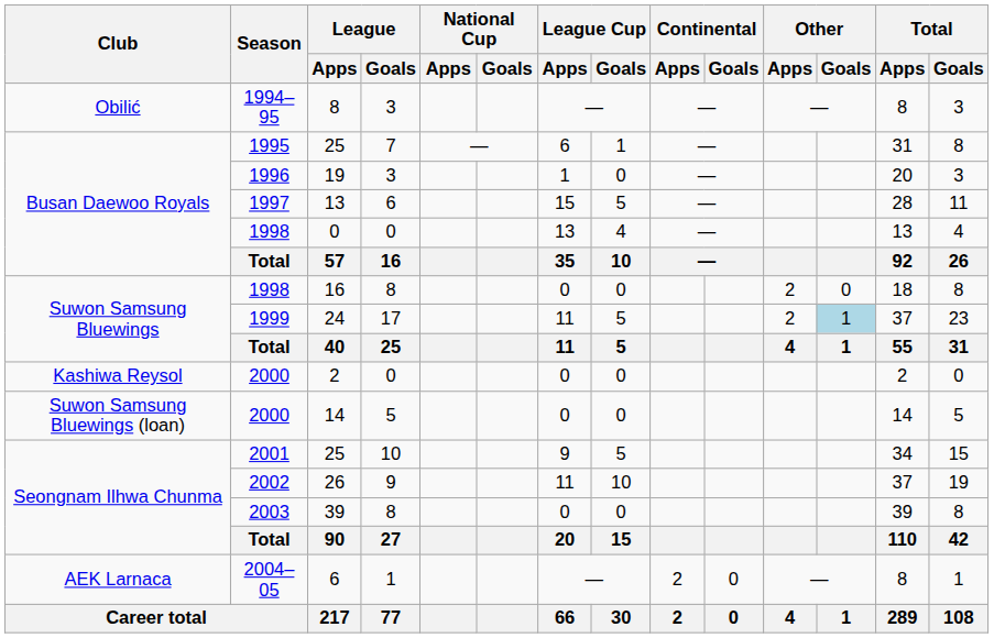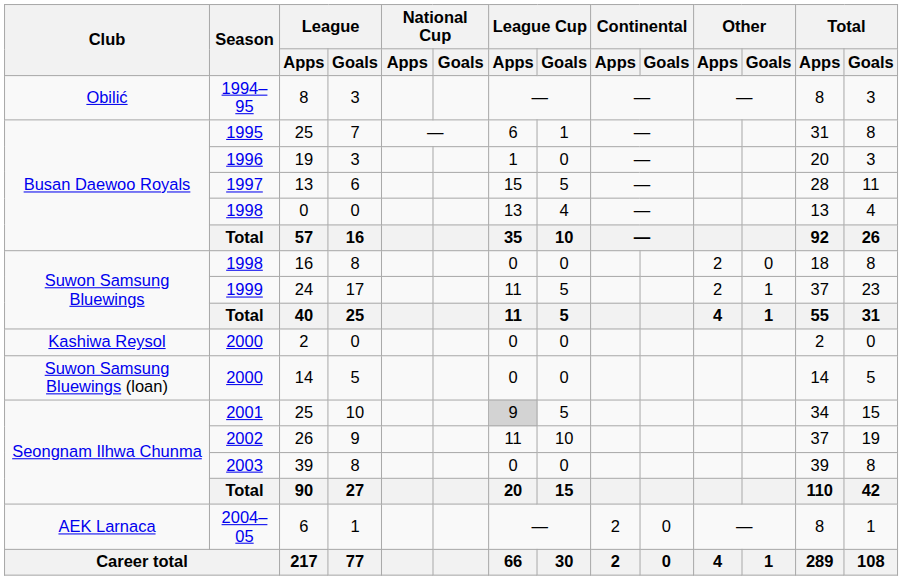 <table class="wikitable" style="text-align:center">
 <tr>
 <th rowspan="2">Club</th>
 <th rowspan="2">Season</th>
 <th colspan="2">League</th>
 <th colspan="2">National Cup</th>
 <th colspan="2">League Cup</th>
 <th colspan="2">Continental</th>
 <th colspan="2">Other</th>
 <th colspan="2">Total</th>
 </tr>
 <tr>
 <th>Apps</th>
 <th>Goals</th>
 <th>Apps</th>
 <th>Goals</th>
 <th>Apps</th>
 <th>Goals</th>
 <th>Apps</th>
 <th>Goals</th>
 <th>Apps</th>
 <th>Goals</th>
 <th>Apps</th>
 <th>Goals</th>
 </tr>
 <tr>
 <td><a href='#'>Obilić</a></td>
 <td><a href='#'>1994–95</a></td>
 <td>8</td>
 <td>3</td>
 <td></td>
 <td></td>
 <td colspan="2">—</td>
 <td colspan="2">—</td>
 <td colspan="2">—</td>
 <td>8</td>
 <td>3</td>
 </tr>
 <tr>
 <td rowspan="5"><a href='#'>Busan Daewoo Royals</a></td>
 <td><a href='#'>1995</a></td>
 <td>25</td>
 <td>7</td>
 <td colspan="2">—</td>
 <td>6</td>
 <td>1</td>
 <td colspan="2">—</td>
 <td></td>
 <td></td>
 <td>31</td>
 <td>8</td>
 </tr>
 <tr>
 <td><a href='#'>1996</a></td>
 <td>19</td>
 <td>3</td>
 <td></td>
 <td></td>
 <td>1</td>
 <td>0</td>
 <td colspan="2">—</td>
 <td></td>
 <td></td>
 <td>20</td>
 <td>3</td>
 </tr>
 <tr>
 <td><a href='#'>1997</a></td>
 <td>13</td>
 <td>6</td>
 <td></td>
 <td></td>
 <td>15</td>
 <td>5</td>
 <td colspan="2">—</td>
 <td></td>
 <td></td>
 <td>28</td>
 <td>11</td>
 </tr>
 <tr>
 <td><a href='#'>1998</a></td>
 <td>0</td>
 <td>0</td>
 <td></td>
 <td></td>
 <td>13</td>
 <td>4</td>
 <td colspan="2">—</td>
 <td></td>
 <td></td>
 <td>13</td>
 <td>4</td>
 </tr>
 <tr>
 <th>Total</th>
 <th>57</th>
 <th>16</th>
 <th></th>
 <th></th>
 <th>35</th>
 <th>10</th>
 <th colspan="2">—</th>
 <th></th>
 <th></th>
 <th>92</th>
 <th>26</th>
 </tr>
 <tr>
 <td rowspan="3"><a href='#'>Suwon Samsung Bluewings</a></td>
 <td><a href='#'>1998</a></td>
 <td>16</td>
 <td>8</td>
 <td></td>
 <td></td>
 <td>0</td>
 <td>0</td>
 <td></td>
 <td></td>
 <td>2</td>
 <td>0</td>
 <td>18</td>
 <td>8</td>
 </tr>
 <tr>
 <td><a href='#'>1999</a></td>
 <td>24</td>
 <td>17</td>
 <td></td>
 <td></td>
 <td>11</td>
 <td>5</td>
 <td></td>
 <td></td>
 <td>2</td>
-<td style="background: lightblue;">1</td>
+<td>1</td>
 <td>37</td>
 <td>23</td>
 </tr>
 <tr>
 <th>Total</th>
 <th>40</th>
 <th>25</th>
 <th></th>
 <th></th>
 <th>11</th>
 <th>5</th>
 <th></th>
 <th></th>
 <th>4</th>
 <th>1</th>
 <th>55</th>
 <th>31</th>
 </tr>
 <tr>
 <td><a href='#'>Kashiwa Reysol</a></td>
 <td><a href='#'>2000</a></td>
 <td>2</td>
 <td>0</td>
 <td></td>
 <td></td>
 <td>0</td>
 <td>0</td>
 <td></td>
 <td></td>
 <td></td>
 <td></td>
 <td>2</td>
 <td>0</td>
 </tr>
 <tr>
 <td><a href='#'>Suwon Samsung Bluewings</a> (loan)</td>
 <td><a href='#'>2000</a></td>
 <td>14</td>
 <td>5</td>
 <td></td>
 <td></td>
 <td>0</td>
 <td>0</td>
 <td></td>
 <td></td>
 <td></td>
 <td></td>
 <td>14</td>
 <td>5</td>
 </tr>
 <tr>
 <td rowspan="4"><a href='#'>Seongnam Ilhwa Chunma</a></td>
 <td><a href='#'>2001</a></td>
 <td>25</td>
 <td>10</td>
 <td></td>
 <td></td>
-<td>9</td>
+<td style="background: lightgrey;">9</td>
 <td>5</td>
 <td></td>
 <td></td>
 <td></td>
 <td></td>
 <td>34</td>
 <td>15</td>
 </tr>
 <tr>
 <td><a href='#'>2002</a></td>
 <td>26</td>
 <td>9</td>
 <td></td>
 <td></td>
 <td>11</td>
 <td>10</td>
 <td></td>
 <td></td>
 <td></td>
 <td></td>
 <td>37</td>
 <td>19</td>
 </tr>
 <tr>
 <td><a href='#'>2003</a></td>
 <td>39</td>
 <td>8</td>
 <td></td>
 <td></td>
 <td>0</td>
 <td>0</td>
 <td></td>
 <td></td>
 <td></td>
 <td></td>
 <td>39</td>
 <td>8</td>
 </tr>
 <tr>
 <th>Total</th>
 <th>90</th>
 <th>27</th>
 <th></th>
 <th></th>
 <th>20</th>
 <th>15</th>
 <th></th>
 <th></th>
 <th></th>
 <th></th>
 <th>110</th>
 <th>42</th>
 </tr>
 <tr>
 <td><a href='#'>AEK Larnaca</a></td>
 <td><a href='#'>2004–05</a></td>
 <td>6</td>
 <td>1</td>
 <td></td>
 <td></td>
 <td colspan="2">—</td>
 <td>2</td>
 <td>0</td>
 <td colspan="2">—</td>
 <td>8</td>
 <td>1</td>
 </tr>
 <tr>
 <th colspan="2">Career total</th>
 <th>217</th>
 <th>77</th>
 <th></th>
 <th></th>
 <th>66</th>
 <th>30</th>
 <th>2</th>
 <th>0</th>
 <th>4</th>
 <th>1</th>
 <th>289</th>
 <th>108</th>
 </tr>
 </table>
